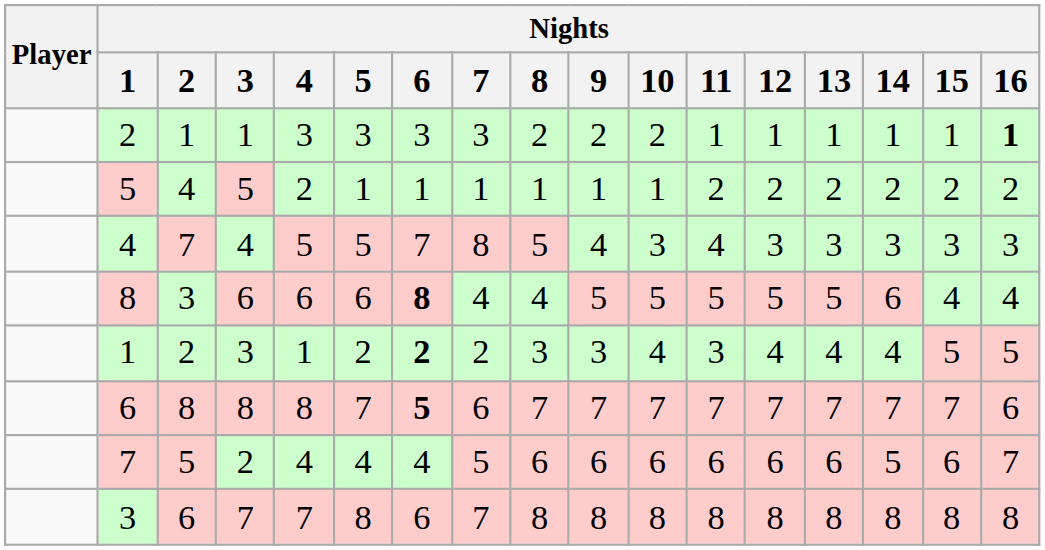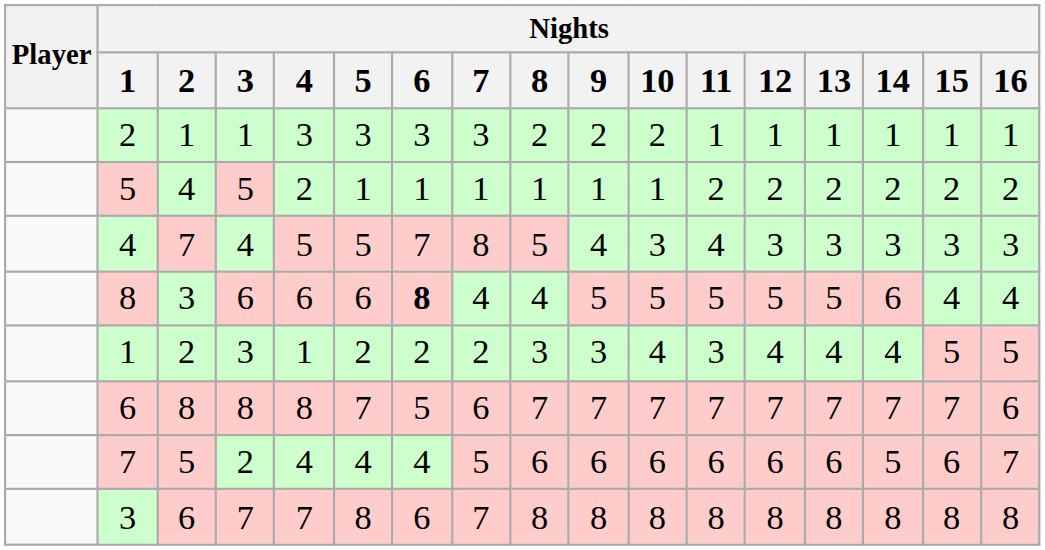 <table class="wikitable">
 <tr style="font-size:10pt;font-weight:bold">
 <th rowspan=2>Player</th>
 <th colspan=16>Nights</th>
 </tr>
 <tr>
 <th style="width:20px;">1</th>
 <th style="width:20px;">2</th>
 <th style="width:20px;">3</th>
 <th style="width:20px;">4</th>
 <th style="width:20px;">5</th>
 <th style="width:20px;">6</th>
 <th style="width:20px;">7</th>
 <th style="width:20px;">8</th>
 <th style="width:20px;">9</th>
 <th style="width:20px;">10</th>
 <th style="width:20px;">11</th>
 <th style="width:20px;">12</th>
 <th style="width:20px;">13</th>
 <th style="width:20px;">14</th>
 <th style="width:20px;">15</th>
 <th style="width:20px;">16</th>
 </tr>
 <tr }>
 <td></td>
 <td style="text-align:center; background:#cfc;">2</td>
 <td style="text-align:center; background:#cfc;">1</td>
 <td style="text-align:center; background:#cfc;">1</td>
 <td style="text-align:center; background:#cfc;">3</td>
 <td style="text-align:center; background:#cfc;">3</td>
 <td style="text-align:center; background:#cfc;">3</td>
 <td style="text-align:center; background:#cfc;">3</td>
 <td style="text-align:center; background:#cfc;">2</td>
 <td style="text-align:center; background:#cfc;">2</td>
 <td style="text-align:center; background:#cfc;">2</td>
 <td style="text-align:center; background:#cfc;">1</td>
 <td style="text-align:center; background:#cfc;">1</td>
 <td style="text-align:center; background:#cfc;">1</td>
 <td style="text-align:center; background:#cfc;">1</td>
 <td style="text-align:center; background:#cfc;">1</td>
-<td style="text-align:center; background:#cfc;"><strong>1</strong></td>
+<td style="text-align:center; background:#cfc;">1</td>
 </tr>
 <tr>
 <td></td>
 <td style="text-align:center; background:#ffcccc;">5</td>
 <td style="text-align:center; background:#cfc;">4</td>
 <td style="text-align:center; background:#ffcccc;">5</td>
 <td style="text-align:center; background:#cfc;">2</td>
 <td style="text-align:center; background:#cfc;">1</td>
 <td style="text-align:center; background:#cfc;">1</td>
 <td style="text-align:center; background:#cfc;">1</td>
 <td style="text-align:center; background:#cfc;">1</td>
 <td style="text-align:center; background:#cfc;">1</td>
 <td style="text-align:center; background:#cfc;">1</td>
 <td style="text-align:center; background:#cfc;">2</td>
 <td style="text-align:center; background:#cfc;">2</td>
 <td style="text-align:center; background:#cfc;">2</td>
 <td style="text-align:center; background:#cfc;">2</td>
 <td style="text-align:center; background:#cfc;">2</td>
 <td style="text-align:center; background:#cfc;">2</td>
 </tr>
 <tr>
 <td></td>
 <td style="text-align:center; background:#cfc;">4</td>
 <td style="text-align:center; background:#ffcccc;">7</td>
 <td style="text-align:center; background:#cfc;">4</td>
 <td style="text-align:center; background:#ffcccc;">5</td>
 <td style="text-align:center; background:#ffcccc;">5</td>
 <td style="text-align:center; background:#ffcccc;">7</td>
 <td style="text-align:center; background:#ffcccc;">8</td>
 <td style="text-align:center; background:#ffcccc;">5</td>
 <td style="text-align:center; background:#cfc;">4</td>
 <td style="text-align:center; background:#cfc;">3</td>
 <td style="text-align:center; background:#cfc;">4</td>
 <td style="text-align:center; background:#cfc;">3</td>
 <td style="text-align:center; background:#cfc;">3</td>
 <td style="text-align:center; background:#cfc;">3</td>
 <td style="text-align:center; background:#cfc;">3</td>
 <td style="text-align:center; background:#cfc;">3</td>
 </tr>
 <tr>
 <td></td>
 <td style="text-align:center; background:#ffcccc;">8</td>
 <td style="text-align:center; background:#cfc;">3</td>
 <td style="text-align:center; background:#ffcccc;">6</td>
 <td style="text-align:center; background:#ffcccc;">6</td>
 <td style="text-align:center; background:#ffcccc;">6</td>
 <td style="text-align:center; background:#ffcccc;"><strong>8</strong></td>
 <td style="text-align:center; background:#cfc;">4</td>
 <td style="text-align:center; background:#cfc;">4</td>
 <td style="text-align:center; background:#ffcccc;">5</td>
 <td style="text-align:center; background:#ffcccc;">5</td>
 <td style="text-align:center; background:#ffcccc;">5</td>
 <td style="text-align:center; background:#ffcccc;">5</td>
 <td style="text-align:center; background:#ffcccc;">5</td>
 <td style="text-align:center; background:#ffcccc;">6</td>
 <td style="text-align:center; background:#cfc;">4</td>
 <td style="text-align:center; background:#cfc;">4</td>
 </tr>
 <tr>
 <td></td>
 <td style="text-align:center; background:#cfc;">1</td>
 <td style="text-align:center; background:#cfc;">2</td>
 <td style="text-align:center; background:#cfc;">3</td>
 <td style="text-align:center; background:#cfc;">1</td>
 <td style="text-align:center; background:#cfc;">2</td>
-<td style="text-align:center; background:#cfc;"><strong>2</strong></td>
+<td style="text-align:center; background:#cfc;">2</td>
 <td style="text-align:center; background:#cfc;">2</td>
 <td style="text-align:center; background:#cfc;">3</td>
 <td style="text-align:center; background:#cfc;">3</td>
 <td style="text-align:center; background:#cfc;">4</td>
 <td style="text-align:center; background:#cfc;">3</td>
 <td style="text-align:center; background:#cfc;">4</td>
 <td style="text-align:center; background:#cfc;">4</td>
 <td style="text-align:center; background:#cfc;">4</td>
 <td style="text-align:center; background:#ffcccc;">5</td>
 <td style="text-align:center; background:#ffcccc;">5</td>
 </tr>
 <tr>
 <td></td>
 <td style="text-align:center; background:#ffcccc;">6</td>
 <td style="text-align:center; background:#ffcccc;">8</td>
 <td style="text-align:center; background:#ffcccc;">8</td>
 <td style="text-align:center; background:#ffcccc;">8</td>
 <td style="text-align:center; background:#ffcccc;">7</td>
-<td style="text-align:center; background:#ffcccc;"><strong>5</strong></td>
+<td style="text-align:center; background:#ffcccc;">5</td>
 <td style="text-align:center; background:#ffcccc;">6</td>
 <td style="text-align:center; background:#ffcccc;">7</td>
 <td style="text-align:center; background:#ffcccc;">7</td>
 <td style="text-align:center; background:#ffcccc;">7</td>
 <td style="text-align:center; background:#ffcccc;">7</td>
 <td style="text-align:center; background:#ffcccc;">7</td>
 <td style="text-align:center; background:#ffcccc;">7</td>
 <td style="text-align:center; background:#ffcccc;">7</td>
 <td style="text-align:center; background:#ffcccc;">7</td>
 <td style="text-align:center; background:#ffcccc;">6</td>
 </tr>
 <tr>
 <td></td>
 <td style="text-align:center; background:#ffcccc;">7</td>
 <td style="text-align:center; background:#ffcccc;">5</td>
 <td style="text-align:center; background:#cfc;">2</td>
 <td style="text-align:center; background:#cfc;">4</td>
 <td style="text-align:center; background:#cfc;">4</td>
 <td style="text-align:center; background:#cfc;">4</td>
 <td style="text-align:center; background:#ffcccc;">5</td>
 <td style="text-align:center; background:#ffcccc;">6</td>
 <td style="text-align:center; background:#ffcccc;">6</td>
 <td style="text-align:center; background:#ffcccc;">6</td>
 <td style="text-align:center; background:#ffcccc;">6</td>
 <td style="text-align:center; background:#ffcccc;">6</td>
 <td style="text-align:center; background:#ffcccc;">6</td>
 <td style="text-align:center; background:#ffcccc;">5</td>
 <td style="text-align:center; background:#ffcccc;">6</td>
 <td style="text-align:center; background:#ffcccc;">7</td>
 </tr>
 <tr>
 <td></td>
 <td style="text-align:center; background:#cfc;">3</td>
 <td style="text-align:center; background:#ffcccc;">6</td>
 <td style="text-align:center; background:#ffcccc;">7</td>
 <td style="text-align:center; background:#ffcccc;">7</td>
 <td style="text-align:center; background:#ffcccc;">8</td>
 <td style="text-align:center; background:#ffcccc;">6</td>
 <td style="text-align:center; background:#ffcccc;">7</td>
 <td style="text-align:center; background:#ffcccc;">8</td>
 <td style="text-align:center; background:#ffcccc;">8</td>
 <td style="text-align:center; background:#ffcccc;">8</td>
 <td style="text-align:center; background:#ffcccc;">8</td>
 <td style="text-align:center; background:#ffcccc;">8</td>
 <td style="text-align:center; background:#ffcccc;">8</td>
 <td style="text-align:center; background:#ffcccc;">8</td>
 <td style="text-align:center; background:#ffcccc;">8</td>
 <td style="text-align:center; background:#ffcccc;">8</td>
 </tr>
 </table>
